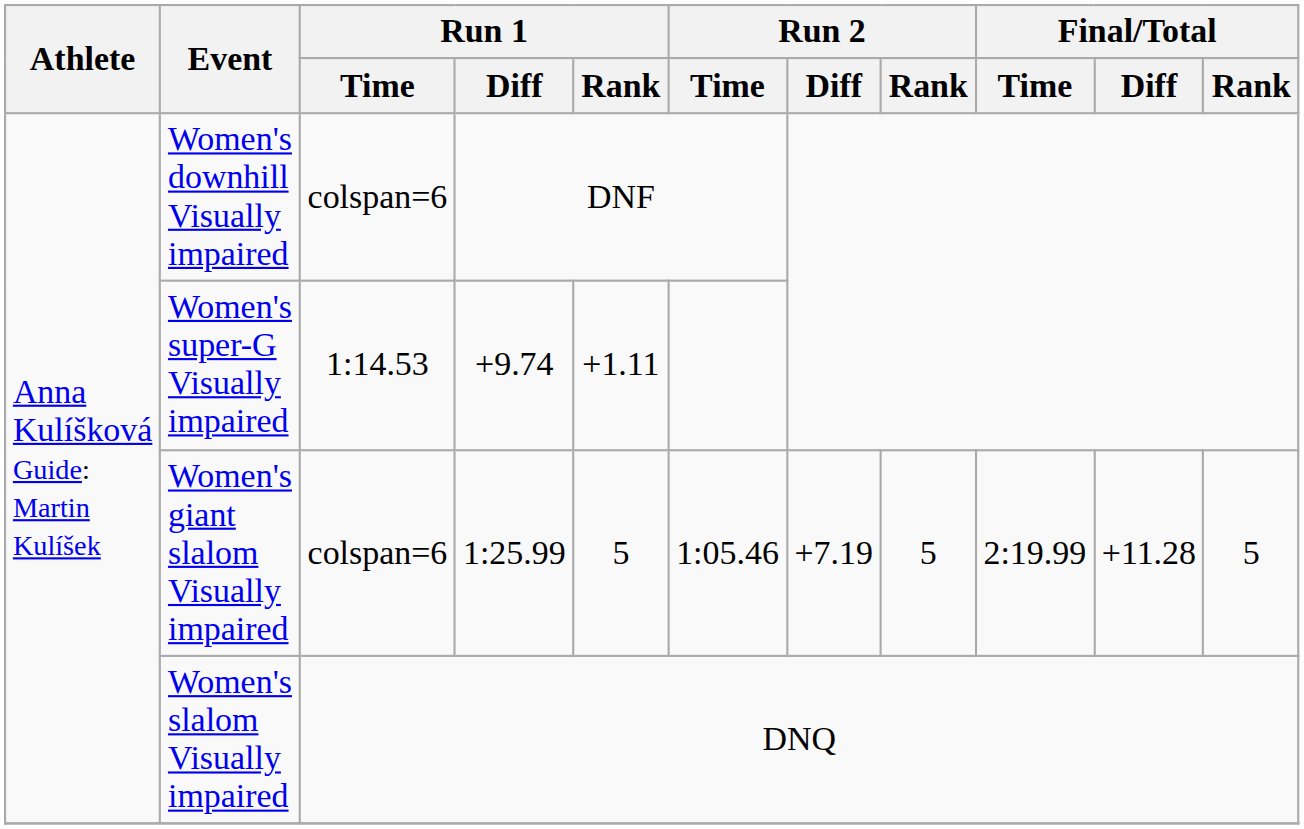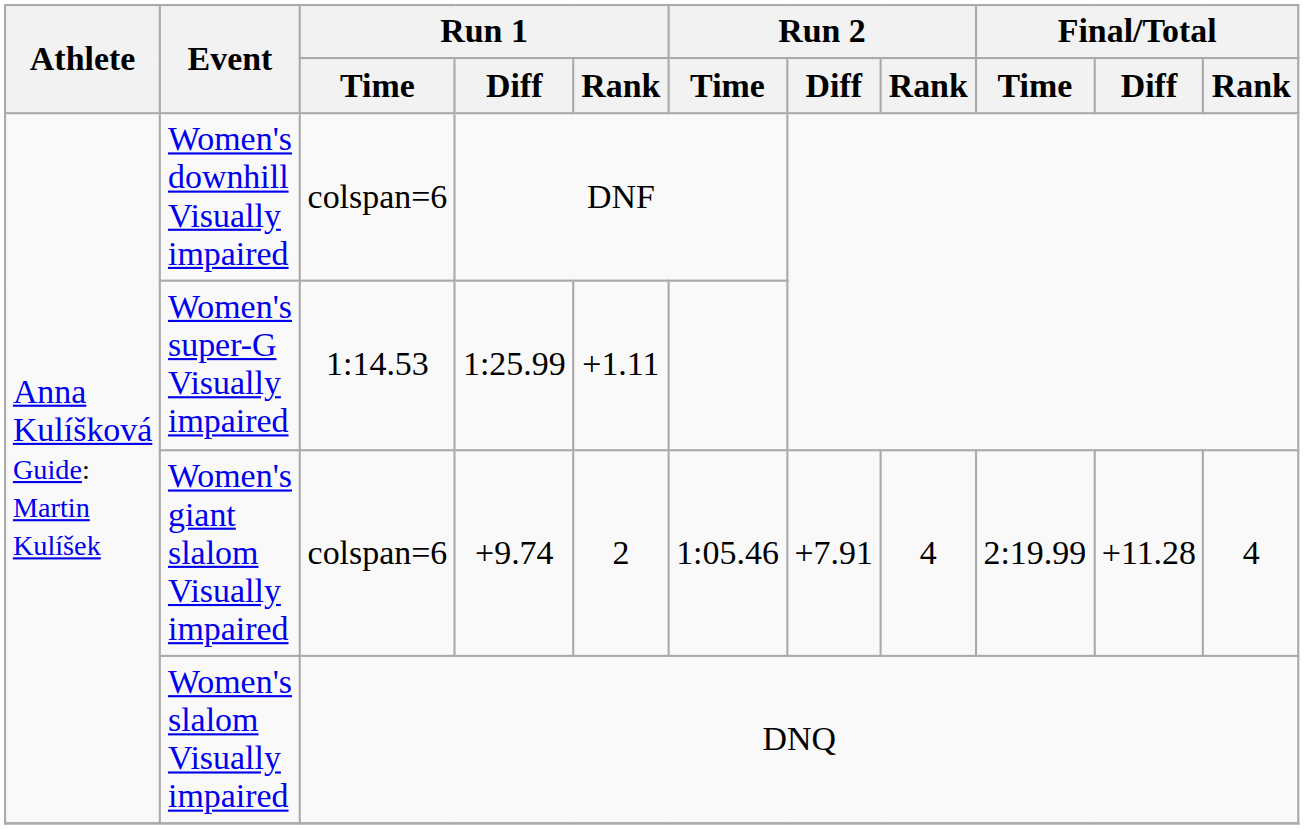 <table class="wikitable" style="font-size:100%">
 <tr>
 <th rowspan="2">Athlete</th>
 <th rowspan="2">Event</th>
 <th colspan="3">Run 1</th>
 <th colspan="3">Run 2</th>
 <th colspan="3">Final/Total</th>
 </tr>
 <tr>
 <th>Time</th>
 <th>Diff</th>
 <th>Rank</th>
 <th>Time</th>
 <th>Diff</th>
 <th>Rank</th>
 <th>Time</th>
 <th>Diff</th>
 <th>Rank</th>
 </tr>
 <tr>
 <td rowspan=4><a href='#'>Anna Kulíšková</a><br><small><a href='#'>Guide</a>: <a href='#'>Martin Kulíšek</a></small></td>
 <td><a href='#'>Women's downhill Visually impaired</a></td>
 <td>colspan=6 </td>
 <td align="center" colspan=3>DNF</td>
 </tr>
 <tr>
 <td><a href='#'>Women's super-G Visually impaired</a></td>
 <td align="center">1:14.53</td>
-<td align="center">+9.74</td>
+<td align="center">1:25.99</td>
 <td align="center">+1.11</td>
 <td align="center"></td>
 </tr>
 <tr>
 <td><a href='#'>Women's giant slalom Visually impaired</a></td>
 <td>colspan=6 </td>
-<td align="center">1:25.99</td>
-<td align="center">5</td>
+<td align="center">+9.74</td>
+<td align="center">2</td>
 <td align="center">1:05.46</td>
-<td align="center">+7.19</td>
-<td align="center">5</td>
+<td align="center">+7.91</td>
+<td align="center">4</td>
 <td align="center">2:19.99</td>
 <td align="center">+11.28</td>
-<td align="center">5</td>
+<td align="center">4</td>
 </tr>
 <tr>
 <td><a href='#'>Women's slalom Visually impaired</a></td>
 <td align="center" colspan=9>DNQ</td>
 </tr>
 <tr>
 </tr>
 </table>
